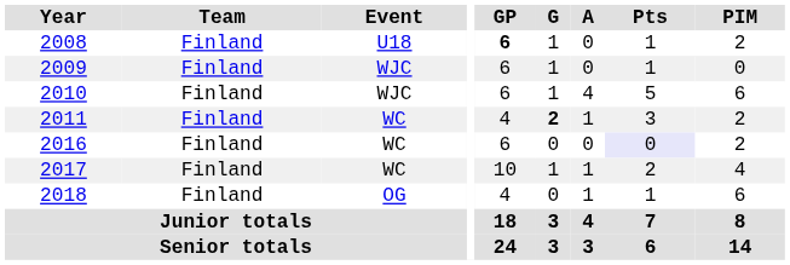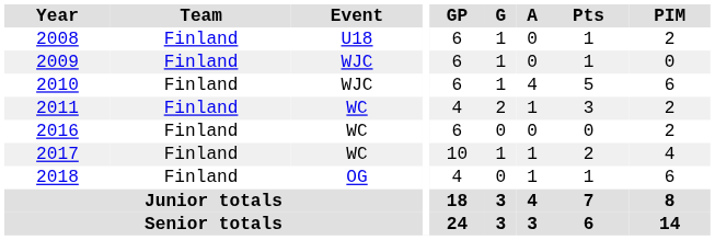 <table border="0" cellpadding="1" cellspacing="0" ID="Table3" style="text-align:center; width:40em">
 <tr ALIGN="center" bgcolor="#e0e0e0">
 <th>Year</th>
 <th>Team</th>
 <th>Event</th>
 <th rowspan="99" bgcolor="#ffffff"></th>
 <th>GP</th>
 <th>G</th>
 <th>A</th>
 <th>Pts</th>
 <th>PIM</th>
 </tr>
 <tr>
 <td><a href='#'>2008</a></td>
 <td><a href='#'>Finland</a></td>
 <td><a href='#'>U18</a></td>
-<td><strong>6</strong></td>
+<td>6</td>
 <td>1</td>
 <td>0</td>
 <td>1</td>
 <td>2</td>
 </tr>
 <tr bgcolor="#f0f0f0">
 <td><a href='#'>2009</a></td>
 <td><a href='#'>Finland</a></td>
 <td><a href='#'>WJC</a></td>
 <td>6</td>
 <td>1</td>
 <td>0</td>
 <td>1</td>
 <td>0</td>
 </tr>
 <tr>
 <td><a href='#'>2010</a></td>
 <td>Finland</td>
 <td>WJC</td>
 <td>6</td>
 <td>1</td>
 <td>4</td>
 <td>5</td>
 <td>6</td>
 </tr>
 <tr bgcolor="#f0f0f0">
 <td><a href='#'>2011</a></td>
 <td><a href='#'>Finland</a></td>
 <td><a href='#'>WC</a></td>
 <td>4</td>
-<td><strong>2</strong></td>
+<td>2</td>
 <td>1</td>
 <td>3</td>
 <td>2</td>
 </tr>
 <tr>
 <td><a href='#'>2016</a></td>
 <td>Finland</td>
 <td>WC</td>
 <td>6</td>
 <td>0</td>
 <td>0</td>
-<td style="background: lavender;">0</td>
+<td>0</td>
 <td>2</td>
 </tr>
 <tr bgcolor="#f0f0f0">
 <td><a href='#'>2017</a></td>
 <td>Finland</td>
 <td>WC</td>
 <td>10</td>
 <td>1</td>
 <td>1</td>
 <td>2</td>
 <td>4</td>
 </tr>
 <tr>
 <td><a href='#'>2018</a></td>
 <td>Finland</td>
 <td><a href='#'>OG</a></td>
 <td>4</td>
 <td>0</td>
 <td>1</td>
 <td>1</td>
 <td>6</td>
 </tr>
 <tr bgcolor="#e0e0e0">
 <th colspan="3">Junior totals</th>
 <th>18</th>
 <th>3</th>
 <th>4</th>
 <th>7</th>
 <th>8</th>
 </tr>
 <tr bgcolor="#e0e0e0">
 <th colspan="3">Senior totals</th>
 <th>24</th>
 <th>3</th>
 <th>3</th>
 <th>6</th>
 <th>14</th>
 </tr>
 </table>
